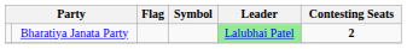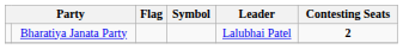 <table class="wikitable" width="60%" style="text-align:center">
 <tr>
 <th colspan="2">Party</th>
 <th>Flag</th>
 <th>Symbol</th>
 <th>Leader</th>
 <th>Contesting Seats</th>
 </tr>
 <tr>
 <td></td>
 <td><a href='#'>Bharatiya Janata Party</a></td>
 <td></td>
 <td></td>
-<td style="background: lightgreen;"><a href='#'>Lalubhai Patel</a></td>
+<td><a href='#'>Lalubhai Patel</a></td>
 <td><strong>2</strong></td>
 </tr>
 <tr>
 </tr>
 </table>
